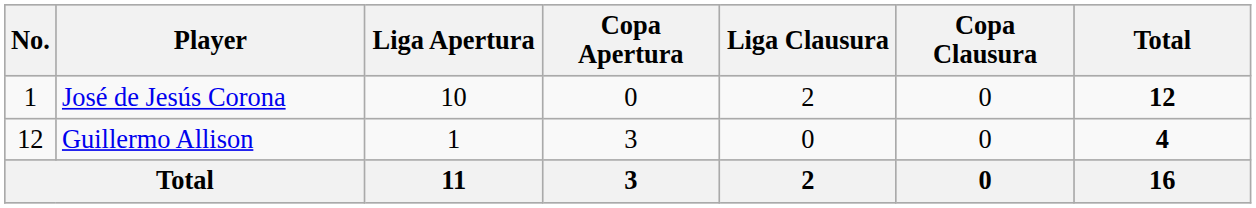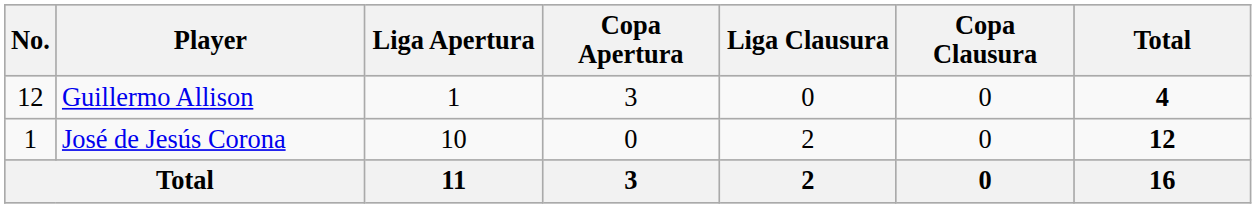 <table class="wikitable sortable alternance"  style="text-align:center">
 <tr>
 <th width=10><strong>No.</strong></th>
 <th scope="col" style="width:180px;"><strong>Player</strong></th>
 <th width=100>Liga Apertura</th>
 <th width=100>Copa Apertura</th>
 <th width=100>Liga Clausura</th>
 <th width=100>Copa Clausura</th>
 <th width=100>Total</th>
 </tr>
 <tr>
+<td>12</td>
+<td align=left> <a href='#'>Guillermo Allison</a></td>
+<td>1</td>
+<td>3</td>
+<td>0</td>
+<td>0</td>
+<td><strong>4</strong></td>
+</tr>
+<tr>
 <td>1</td>
 <td align=left> <a href='#'>José de Jesús Corona</a></td>
 <td>10</td>
 <td>0</td>
 <td>2</td>
 <td>0</td>
 <td><strong>12</strong></td>
-</tr>
-<tr>
-<td>12</td>
-<td align=left> <a href='#'>Guillermo Allison</a></td>
-<td>1</td>
-<td>3</td>
-<td>0</td>
-<td>0</td>
-<td><strong>4</strong></td>
 </tr>
 <tr>
 <th colspan="2">Total</th>
 <th>11</th>
 <th>3</th>
 <th>2</th>
 <th>0</th>
 <th>16</th>
 </tr>
 </table>
